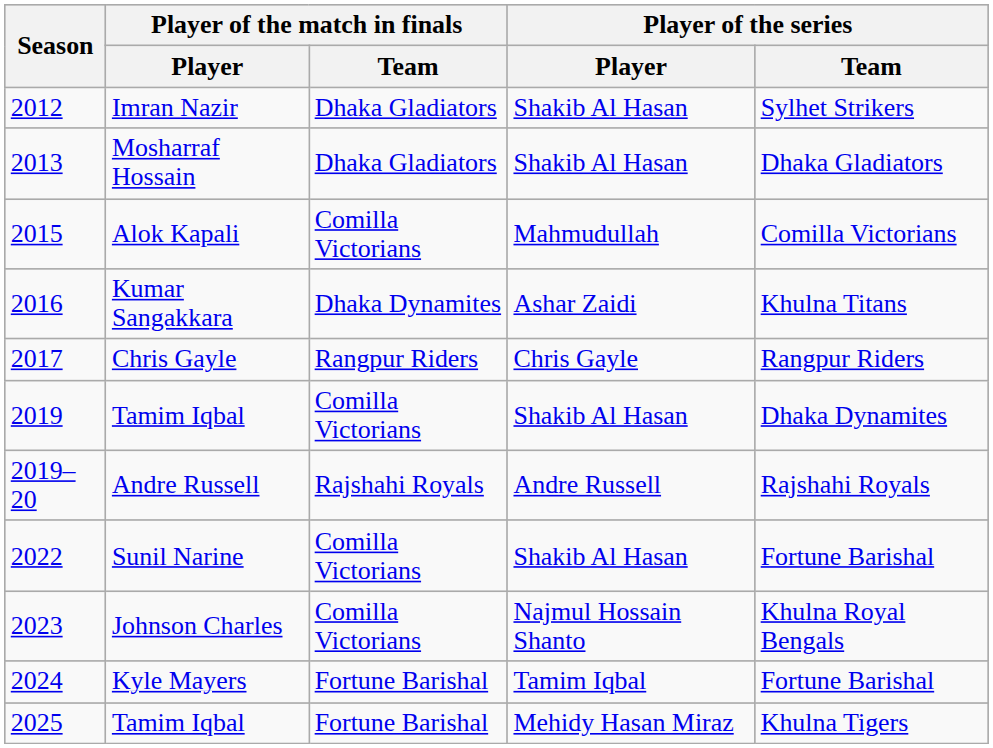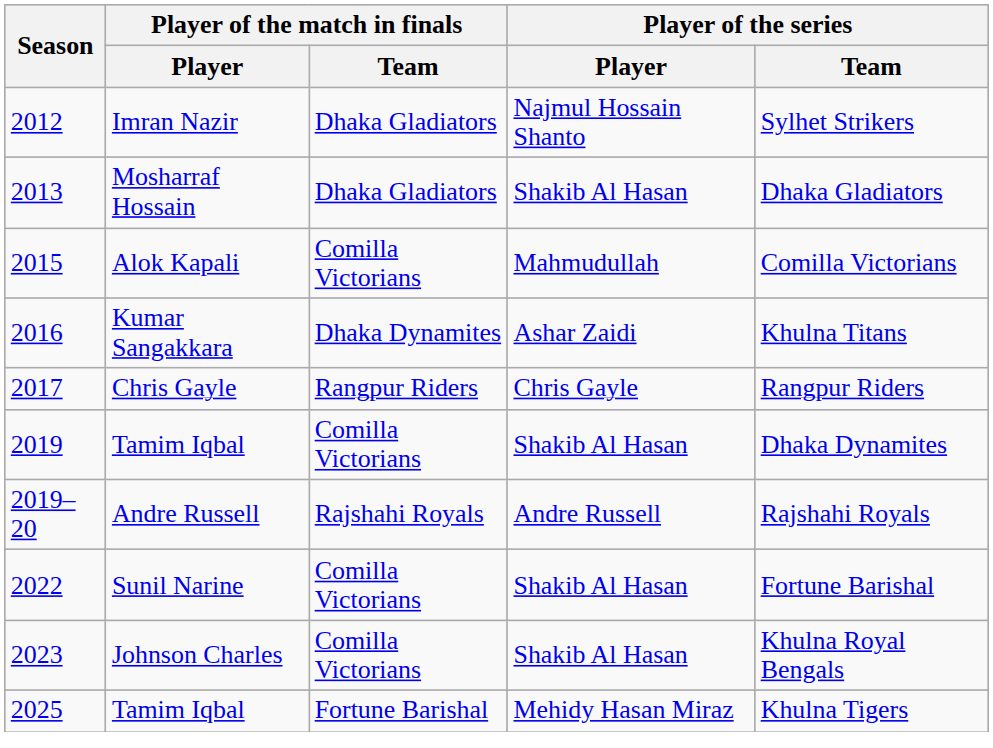 <table class="wikitable" style="align:center">
 <tr>
 <th rowspan=2>Season</th>
 <th colspan=2>Player of the match in finals</th>
 <th colspan=2>Player of the series</th>
 </tr>
 <tr>
 <th>Player</th>
 <th>Team</th>
 <th>Player</th>
 <th>Team</th>
 </tr>
 <tr>
 <td><a href='#'>2012</a></td>
 <td><a href='#'>Imran Nazir</a></td>
 <td><a href='#'>Dhaka Gladiators</a></td>
-<td><a href='#'>Shakib Al Hasan</a></td>
+<td><a href='#'>Najmul Hossain Shanto</a></td>
 <td><a href='#'>Sylhet Strikers</a></td>
 </tr>
 <tr>
 <td><a href='#'>2013</a></td>
 <td><a href='#'>Mosharraf Hossain</a></td>
 <td><a href='#'>Dhaka Gladiators</a></td>
 <td><a href='#'>Shakib Al Hasan</a></td>
 <td><a href='#'>Dhaka Gladiators</a></td>
 </tr>
 <tr>
 <td><a href='#'>2015</a></td>
 <td><a href='#'>Alok Kapali</a></td>
 <td><a href='#'>Comilla Victorians</a></td>
 <td><a href='#'>Mahmudullah</a></td>
 <td><a href='#'>Comilla Victorians</a></td>
 </tr>
 <tr>
 <td><a href='#'>2016</a></td>
 <td><a href='#'>Kumar Sangakkara</a></td>
 <td><a href='#'>Dhaka Dynamites</a></td>
 <td><a href='#'>Ashar Zaidi</a></td>
 <td><a href='#'>Khulna Titans</a></td>
 </tr>
 <tr>
 <td><a href='#'>2017</a></td>
 <td><a href='#'>Chris Gayle</a></td>
 <td><a href='#'>Rangpur Riders</a></td>
 <td><a href='#'>Chris Gayle</a></td>
 <td><a href='#'>Rangpur Riders</a></td>
 </tr>
 <tr>
 <td><a href='#'>2019</a></td>
 <td><a href='#'>Tamim Iqbal</a></td>
 <td><a href='#'>Comilla Victorians</a></td>
 <td><a href='#'>Shakib Al Hasan</a></td>
 <td><a href='#'>Dhaka Dynamites</a></td>
 </tr>
 <tr>
 <td><a href='#'>2019–20</a></td>
 <td><a href='#'>Andre Russell</a></td>
 <td><a href='#'>Rajshahi Royals</a></td>
 <td><a href='#'>Andre Russell</a></td>
 <td><a href='#'>Rajshahi Royals</a></td>
 </tr>
 <tr>
 <td><a href='#'>2022</a></td>
 <td><a href='#'>Sunil Narine</a></td>
 <td><a href='#'>Comilla Victorians</a></td>
 <td><a href='#'>Shakib Al Hasan</a></td>
 <td><a href='#'>Fortune Barishal</a></td>
 </tr>
 <tr>
 <td><a href='#'>2023</a></td>
 <td><a href='#'>Johnson Charles</a></td>
 <td><a href='#'>Comilla Victorians</a></td>
-<td><a href='#'>Najmul Hossain Shanto</a></td>
+<td><a href='#'>Shakib Al Hasan</a></td>
 <td><a href='#'>Khulna Royal Bengals</a></td>
-</tr>
-<tr>
-<td><a href='#'>2024</a></td>
-<td><a href='#'>Kyle Mayers</a></td>
-<td><a href='#'>Fortune Barishal</a></td>
-<td><a href='#'>Tamim Iqbal</a></td>
-<td><a href='#'>Fortune Barishal</a></td>
 </tr>
 <tr>
 <td><a href='#'>2025</a></td>
 <td><a href='#'>Tamim Iqbal</a></td>
 <td><a href='#'>Fortune Barishal</a></td>
 <td><a href='#'>Mehidy Hasan Miraz</a></td>
 <td><a href='#'>Khulna Tigers</a></td>
 </tr>
 </table>
